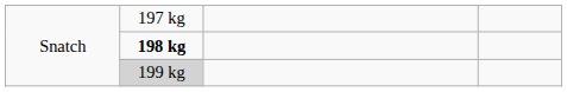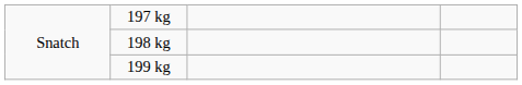 <table class = "wikitable" style="text-align:center;">
 <tr>
 <td rowspan=3 width=100>Snatch</td>
 <td width=70>197 kg</td>
 <td width=250 align=left></td>
 <td width=70></td>
 </tr>
 <tr>
-<td><strong>198 kg</strong></td>
+<td>198 kg</td>
 <td align=left></td>
 <td></td>
 </tr>
 <tr>
-<td style="background: lightgrey;">199 kg</td>
+<td>199 kg</td>
 <td align=left></td>
 <td></td>
 </tr>
 </table>
